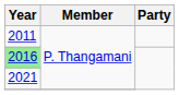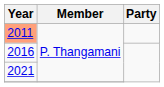 <table class="wikitable sortable'">
 <tr>
 <th>Year</th>
 <th>Member</th>
 <th colspan="2">Party</th>
 </tr>
 <tr>
-<td><a href='#'>2011</a></td>
+<td style="background: lightsalmon;"><a href='#'>2011</a></td>
 <td rowspan=3><a href='#'>P. Thangamani</a></td>
 <td></td>
 </tr>
 <tr>
-<td style="background: lightgreen;"><a href='#'>2016</a></td>
+<td><a href='#'>2016</a></td>
 </tr>
 <tr>
 <td><a href='#'>2021</a></td>
 </tr>
 <tr>
 </tr>
 </table>
